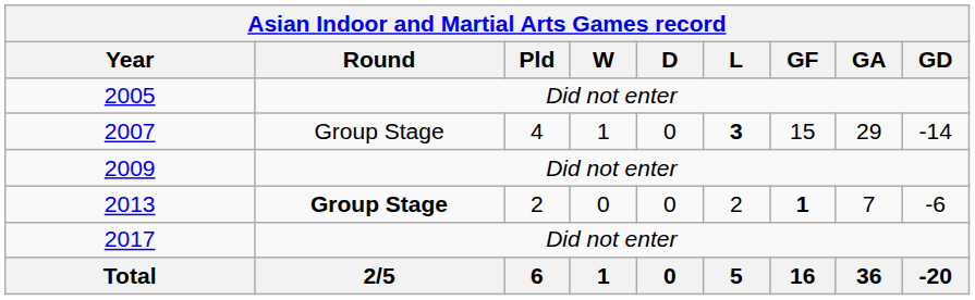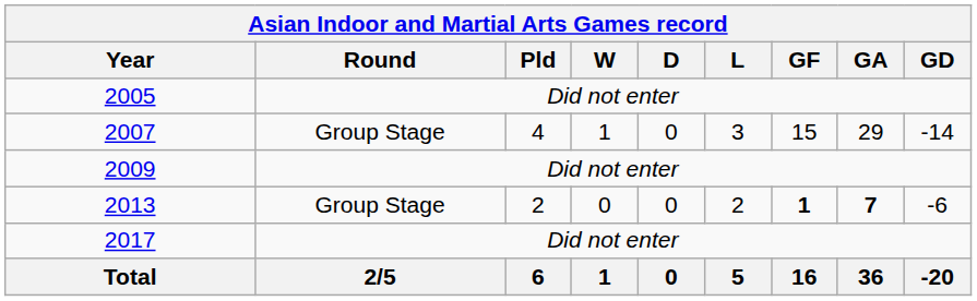 <table class="wikitable" style="text-align: center;font-size:90%;">
 <tr>
 <th colspan=9><a href='#'>Asian Indoor and Martial Arts Games record</a></th>
 </tr>
 <tr>
 <th width=150>Year</th>
 <th width=150>Round</th>
 <th width=35>Pld</th>
 <th width=35>W</th>
 <th width=35>D</th>
 <th width=35>L</th>
 <th width=35>GF</th>
 <th width=35>GA</th>
 <th width=35>GD</th>
 </tr>
 <tr bgcolor=>
 <td> <a href='#'>2005</a></td>
 <td colspan=9 rowspan=1><em>Did not enter</em></td>
 </tr>
 <tr bgcolor=>
 <td> <a href='#'>2007</a></td>
 <td>Group Stage</td>
 <td>4</td>
 <td>1</td>
 <td>0</td>
-<td><strong>3</strong></td>
+<td>3</td>
 <td>15</td>
 <td>29</td>
 <td>-14</td>
 </tr>
 <tr bgcolor=>
 <td> <a href='#'>2009</a></td>
 <td colspan=9 rowspan=1><em>Did not enter</em></td>
 </tr>
 <tr bgcolor=>
 <td> <a href='#'>2013</a></td>
-<td><strong>Group Stage</strong></td>
+<td>Group Stage</td>
 <td>2</td>
 <td>0</td>
 <td>0</td>
 <td>2</td>
 <td><strong>1</strong></td>
-<td>7</td>
+<td><strong>7</strong></td>
 <td>-6</td>
 </tr>
 <tr bgcolor=>
 <td> <a href='#'>2017</a></td>
 <td colspan=9 rowspan=1><em>Did not enter</em></td>
 </tr>
 <tr>
 <th><strong>Total</strong></th>
 <th>2/5</th>
 <th>6</th>
 <th>1</th>
 <th>0</th>
 <th>5</th>
 <th>16</th>
 <th>36</th>
 <th>-20</th>
 </tr>
 </table>
